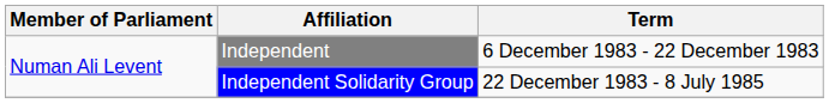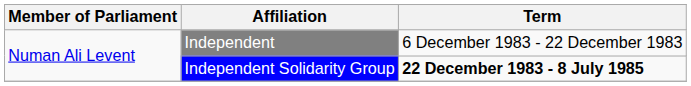 <table class="wikitable">
 <tr>
 <th>Member of Parliament</th>
 <th>Affiliation</th>
 <th>Term</th>
 </tr>
 <tr>
 <td rowspan=2><a href='#'>Numan Ali Levent</a></td>
 <td style="background:gray; color:white">Independent</td>
 <td>6 December 1983 - 22 December 1983</td>
 </tr>
 <tr>
 <td style="background:blue; color:white">Independent Solidarity Group</td>
-<td>22 December 1983 - 8 July 1985</td>
+<td><strong>22 December 1983 - 8 July 1985</strong></td>
 </tr>
 <tr>
 </tr>
 </table>
